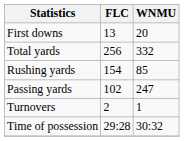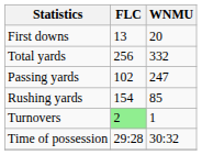 <table class="wikitable">
 <tr>
 <th>Statistics</th>
 <th>FLC</th>
 <th>WNMU</th>
 </tr>
 <tr>
 <td>First downs</td>
 <td>13</td>
 <td>20</td>
 </tr>
 <tr>
 <td>Total yards</td>
 <td>256</td>
 <td>332</td>
 </tr>
 <tr>
+<td>Passing yards</td>
+<td>102</td>
+<td>247</td>
+</tr>
+<tr>
 <td>Rushing yards</td>
 <td>154</td>
 <td>85</td>
 </tr>
 <tr>
-<td>Passing yards</td>
-<td>102</td>
-<td>247</td>
-</tr>
-<tr>
 <td>Turnovers</td>
-<td>2</td>
+<td style="background: lightgreen;">2</td>
 <td>1</td>
 </tr>
 <tr>
 <td>Time of possession</td>
 <td>29:28</td>
 <td>30:32</td>
 </tr>
 <tr>
 </tr>
 </table>
